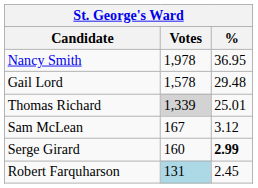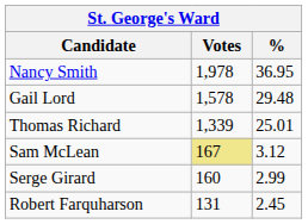 <table class="wikitable">
 <tr>
 <th colspan="3"><a href='#'>St. George's Ward</a></th>
 </tr>
 <tr>
 <th style="width: 170px">Candidate</th>
 <th style="width: 50px">Votes</th>
 <th style="width: 40px">%</th>
 </tr>
 <tr>
 <td><a href='#'>Nancy Smith</a></td>
 <td>1,978</td>
 <td>36.95</td>
 </tr>
 <tr>
 <td>Gail Lord</td>
 <td>1,578</td>
 <td>29.48</td>
 </tr>
 <tr>
 <td>Thomas Richard</td>
-<td style="background: lightgrey;">1,339</td>
+<td>1,339</td>
 <td>25.01</td>
 </tr>
 <tr>
 <td>Sam McLean</td>
-<td>167</td>
+<td style="background: khaki;">167</td>
 <td>3.12</td>
 </tr>
 <tr>
 <td>Serge Girard</td>
 <td>160</td>
-<td><strong>2.99</strong></td>
+<td>2.99</td>
 </tr>
 <tr>
 <td>Robert Farquharson</td>
-<td style="background: lightblue;">131</td>
+<td>131</td>
 <td>2.45</td>
 </tr>
 </table>
